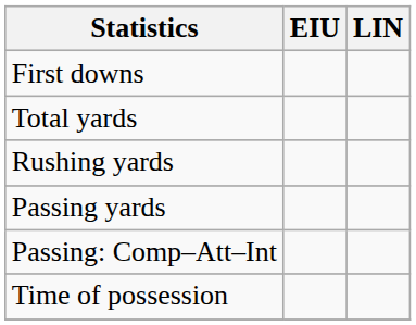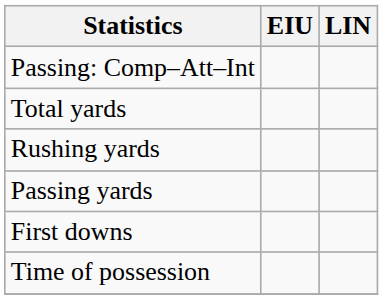 <table class="wikitable" style="float: left;">
 <tr>
 <th>Statistics</th>
 <th>EIU</th>
 <th>LIN</th>
 </tr>
 <tr>
-<td>First downs</td>
+<td>Passing: Comp–Att–Int</td>
 <td></td>
 <td></td>
 </tr>
 <tr>
 <td>Total yards</td>
 <td></td>
 <td></td>
 </tr>
 <tr>
 <td>Rushing yards</td>
 <td></td>
 <td></td>
 </tr>
 <tr>
 <td>Passing yards</td>
 <td></td>
 <td></td>
 </tr>
 <tr>
-<td>Passing: Comp–Att–Int</td>
+<td>First downs</td>
 <td></td>
 <td></td>
 </tr>
 <tr>
 <td>Time of possession</td>
 <td></td>
 <td></td>
 </tr>
 <tr>
 </tr>
 </table>
